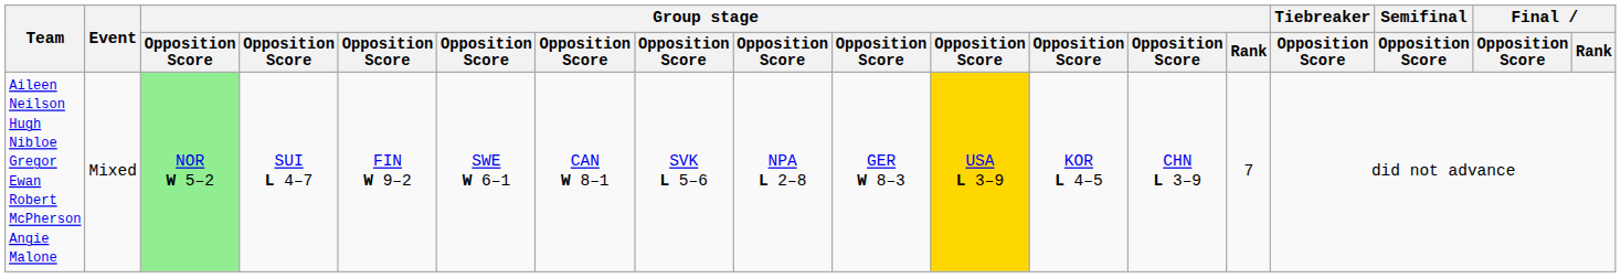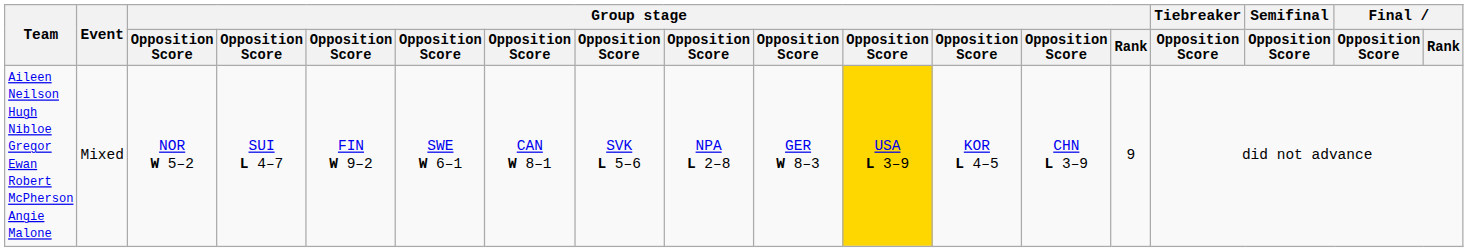 <table class=wikitable style="font-size:90%">
 <tr>
 <th rowspan=2>Team</th>
 <th rowspan=2>Event</th>
 <th colspan=12>Group stage</th>
 <th>Tiebreaker</th>
 <th>Semifinal</th>
 <th colspan=2>Final / </th>
 </tr>
 <tr style="font-size:95%">
 <th>Opposition<br>Score</th>
 <th>Opposition<br>Score</th>
 <th>Opposition<br>Score</th>
 <th>Opposition<br>Score</th>
 <th>Opposition<br>Score</th>
 <th>Opposition<br>Score</th>
 <th>Opposition<br>Score</th>
 <th>Opposition<br>Score</th>
 <th>Opposition<br>Score</th>
 <th>Opposition<br>Score</th>
 <th>Opposition<br>Score</th>
 <th>Rank</th>
 <th>Opposition<br>Score</th>
 <th>Opposition<br>Score</th>
 <th>Opposition<br>Score</th>
 <th>Rank</th>
 </tr>
 <tr align="center">
 <td align="left"><small><a href='#'>Aileen Neilson</a><br><a href='#'>Hugh Nibloe</a><br><a href='#'>Gregor Ewan</a><br><a href='#'>Robert McPherson</a><br><a href='#'>Angie Malone</a></small></td>
 <td>Mixed</td>
-<td style="background: lightgreen;"> <a href='#'>NOR</a><br> <strong>W</strong> 5–2</td>
+<td> <a href='#'>NOR</a><br> <strong>W</strong> 5–2</td>
 <td> <a href='#'>SUI</a><br> <strong>L</strong> 4–7</td>
 <td> <a href='#'>FIN</a><br> <strong>W</strong> 9–2</td>
 <td> <a href='#'>SWE</a><br> <strong>W</strong> 6–1</td>
 <td> <a href='#'>CAN</a><br> <strong>W</strong> 8–1</td>
 <td> <a href='#'>SVK</a><br> <strong>L</strong> 5–6</td>
 <td> <a href='#'>NPA</a><br> <strong>L</strong> 2–8</td>
 <td> <a href='#'>GER</a><br><strong>W</strong> 8–3</td>
 <td style="background: gold;"> <a href='#'>USA</a><br><strong>L</strong> 3–9</td>
 <td> <a href='#'>KOR</a><br><strong>L</strong> 4–5</td>
 <td> <a href='#'>CHN</a><br><strong>L</strong> 3–9</td>
-<td>7</td>
+<td>9</td>
 <td colspan=4>did not advance</td>
 </tr>
 </table>
